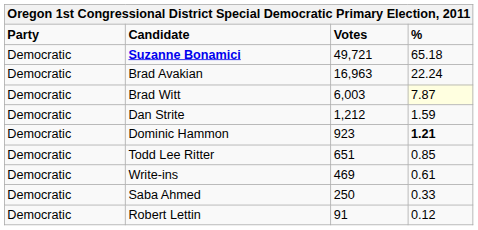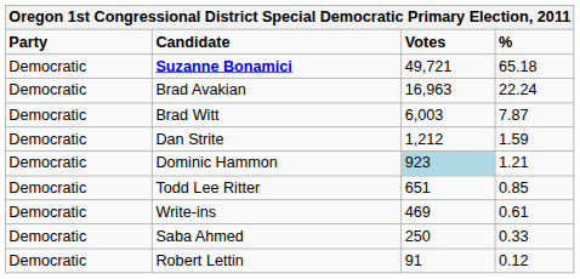 <table class="wikitable">
 <tr>
 <th colspan="4">Oregon 1st Congressional District Special Democratic Primary Election, 2011</th>
 </tr>
 <tr>
 <td><strong>Party</strong></td>
 <td><strong>Candidate</strong></td>
 <td><strong>Votes</strong></td>
 <td><strong>%</strong></td>
 </tr>
 <tr>
 <td>Democratic</td>
 <td><strong><a href='#'>Suzanne Bonamici</a></strong></td>
 <td>49,721</td>
 <td>65.18</td>
 </tr>
 <tr>
 <td>Democratic</td>
 <td>Brad Avakian</td>
 <td>16,963</td>
 <td>22.24</td>
 </tr>
 <tr>
 <td>Democratic</td>
 <td>Brad Witt</td>
 <td>6,003</td>
-<td style="background: lightyellow;">7.87</td>
+<td>7.87</td>
 </tr>
 <tr>
 <td>Democratic</td>
 <td>Dan Strite</td>
 <td>1,212</td>
 <td>1.59</td>
 </tr>
 <tr>
 <td>Democratic</td>
 <td>Dominic Hammon</td>
-<td>923</td>
-<td><strong>1.21</strong></td>
+<td style="background: lightblue;">923</td>
+<td>1.21</td>
 </tr>
 <tr>
 <td>Democratic</td>
 <td>Todd Lee Ritter</td>
 <td>651</td>
 <td>0.85</td>
 </tr>
 <tr>
 <td>Democratic</td>
 <td>Write-ins</td>
 <td>469</td>
 <td>0.61</td>
 </tr>
 <tr>
 <td>Democratic</td>
 <td>Saba Ahmed</td>
 <td>250</td>
 <td>0.33</td>
 </tr>
 <tr>
 <td>Democratic</td>
 <td>Robert Lettin</td>
 <td>91</td>
 <td>0.12</td>
 </tr>
 </table>
